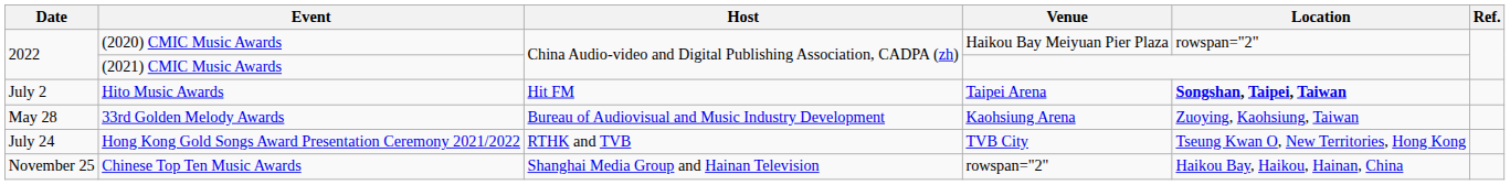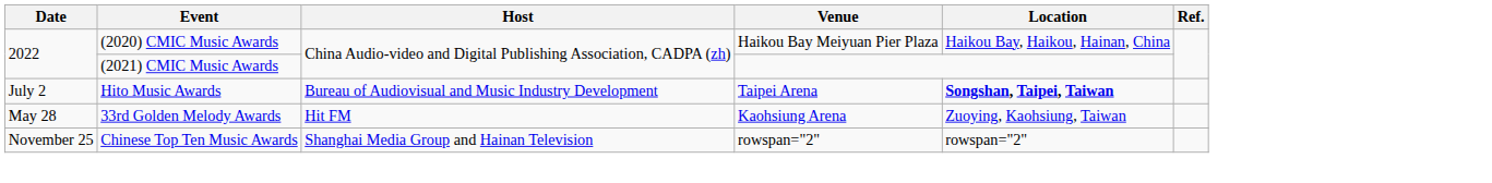 <table class="wikitable">
 <tr>
 <th>Date</th>
 <th>Event</th>
 <th>Host</th>
 <th>Venue</th>
 <th>Location</th>
 <th>Ref.</th>
 </tr>
 <tr>
 <td rowspan="2">2022</td>
 <td>(2020) <a href='#'>CMIC Music Awards</a></td>
 <td rowspan="2">China Audio-video and Digital Publishing Association, CADPA (<a href='#'>zh</a>)</td>
 <td>Haikou Bay Meiyuan Pier Plaza</td>
-<td>rowspan="2" </td>
+<td><a href='#'>Haikou Bay</a>, <a href='#'>Haikou</a>, <a href='#'>Hainan</a>, <a href='#'>China</a></td>
 <td rowspan="2"></td>
 </tr>
 <tr>
 <td>(2021) <a href='#'>CMIC Music Awards</a></td>
 </tr>
 <tr>
 <td>July 2</td>
 <td><a href='#'>Hito Music Awards</a></td>
-<td><a href='#'>Hit FM</a></td>
+<td><a href='#'>Bureau of Audiovisual and Music Industry Development</a></td>
 <td><a href='#'>Taipei Arena</a></td>
 <td><strong><a href='#'>Songshan</a>, <a href='#'>Taipei</a>, <a href='#'>Taiwan</a></strong></td>
 <td></td>
 </tr>
 <tr>
 <td>May 28</td>
 <td><a href='#'>33rd Golden Melody Awards</a></td>
-<td><a href='#'>Bureau of Audiovisual and Music Industry Development</a></td>
+<td><a href='#'>Hit FM</a></td>
 <td><a href='#'>Kaohsiung Arena</a></td>
 <td><a href='#'>Zuoying</a>, <a href='#'>Kaohsiung</a>, <a href='#'>Taiwan</a></td>
-<td></td>
-</tr>
-<tr>
-<td>July 24</td>
-<td><a href='#'>Hong Kong Gold Songs Award Presentation Ceremony 2021/2022</a></td>
-<td><a href='#'>RTHK</a> and <a href='#'>TVB</a></td>
-<td><a href='#'>TVB City</a></td>
-<td><a href='#'>Tseung Kwan O</a>, <a href='#'>New Territories</a>, <a href='#'>Hong Kong</a></td>
 <td></td>
 </tr>
 <tr>
 <td>November 25</td>
 <td><a href='#'>Chinese Top Ten Music Awards</a></td>
 <td><a href='#'>Shanghai Media Group</a> and <a href='#'>Hainan Television</a></td>
 <td>rowspan="2" </td>
-<td><a href='#'>Haikou Bay</a>, <a href='#'>Haikou</a>, <a href='#'>Hainan</a>, <a href='#'>China</a></td>
+<td>rowspan="2" </td>
 <td></td>
 </tr>
 </table>
